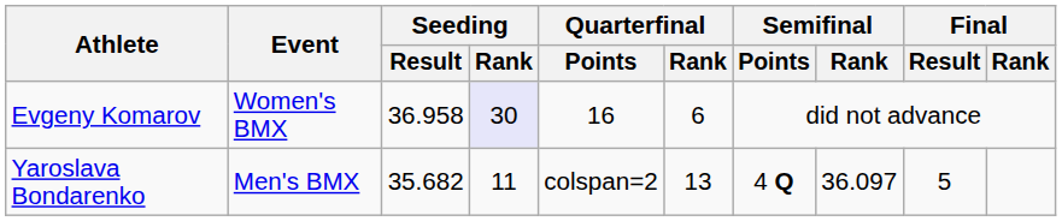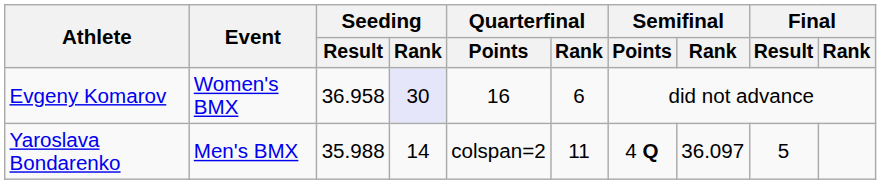 <table class="wikitable" style="font-size:90%;">
 <tr>
 <th rowspan=2>Athlete</th>
 <th rowspan=2>Event</th>
 <th colspan=2>Seeding</th>
 <th colspan=2>Quarterfinal</th>
 <th colspan=2>Semifinal</th>
 <th colspan=2>Final</th>
 </tr>
 <tr style="font-size:95%">
 <th>Result</th>
 <th>Rank</th>
 <th>Points</th>
 <th>Rank</th>
 <th>Points</th>
 <th>Rank</th>
 <th>Result</th>
 <th>Rank</th>
 </tr>
 <tr align=center>
 <td align=left><a href='#'>Evgeny Komarov</a></td>
 <td align=left><a href='#'>Women's BMX</a></td>
 <td>36.958</td>
 <td style="background: lavender;">30</td>
 <td>16</td>
 <td>6</td>
 <td colspan=4>did not advance</td>
 </tr>
 <tr align=center>
 <td align=left><a href='#'>Yaroslava Bondarenko</a></td>
 <td align=left><a href='#'>Men's BMX</a></td>
-<td>35.682</td>
+<td>35.988</td>
+<td>14</td>
+<td>colspan=2 </td>
 <td>11</td>
-<td>colspan=2 </td>
-<td>13</td>
 <td>4 <strong>Q</strong></td>
 <td>36.097</td>
 <td>5</td>
 </tr>
 </table>
